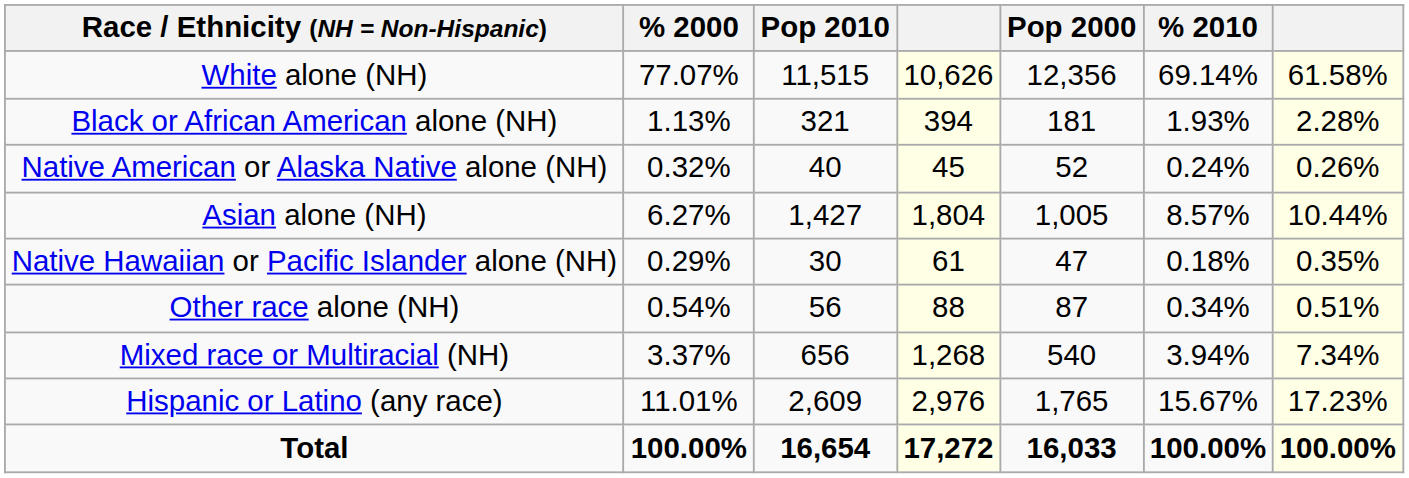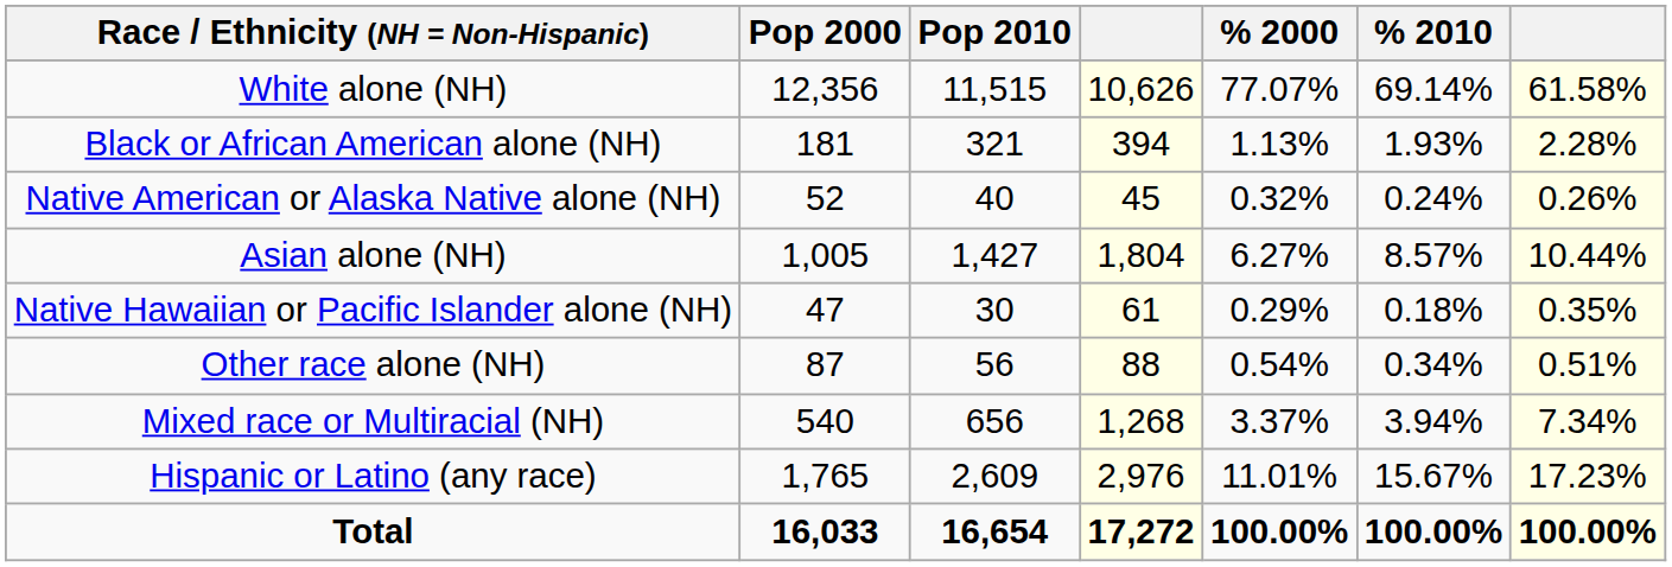 <table class="wikitable" style="text-align:center;">
 <tr>
 <th>Race / Ethnicity <small>(<em>NH = Non-Hispanic</em>)</small></th>
-<th>% 2000</th>
+<th>Pop 2000</th>
 <th>Pop 2010</th>
 <th></th>
-<th>Pop 2000</th>
+<th>% 2000</th>
 <th>% 2010</th>
 <th></th>
 </tr>
 <tr>
 <td><a href='#'>White</a> alone (NH)</td>
-<td>77.07%</td>
+<td>12,356</td>
 <td>11,515</td>
 <td style='background: #ffffe6;'>10,626</td>
-<td>12,356</td>
+<td>77.07%</td>
 <td>69.14%</td>
 <td style='background: #ffffe6;'>61.58%</td>
 </tr>
 <tr>
 <td><a href='#'>Black or African American</a> alone (NH)</td>
-<td>1.13%</td>
+<td>181</td>
 <td>321</td>
 <td style='background: #ffffe6;'>394</td>
-<td>181</td>
+<td>1.13%</td>
 <td>1.93%</td>
 <td style='background: #ffffe6;'>2.28%</td>
 </tr>
 <tr>
 <td><a href='#'>Native American</a> or <a href='#'>Alaska Native</a> alone (NH)</td>
-<td>0.32%</td>
+<td>52</td>
 <td>40</td>
 <td style='background: #ffffe6;'>45</td>
-<td>52</td>
+<td>0.32%</td>
 <td>0.24%</td>
 <td style='background: #ffffe6;'>0.26%</td>
 </tr>
 <tr>
 <td><a href='#'>Asian</a> alone (NH)</td>
-<td>6.27%</td>
+<td>1,005</td>
 <td>1,427</td>
 <td style='background: #ffffe6;'>1,804</td>
-<td>1,005</td>
+<td>6.27%</td>
 <td>8.57%</td>
 <td style='background: #ffffe6;'>10.44%</td>
 </tr>
 <tr>
 <td><a href='#'>Native Hawaiian</a> or <a href='#'>Pacific Islander</a> alone (NH)</td>
-<td>0.29%</td>
+<td>47</td>
 <td>30</td>
 <td style='background: #ffffe6;'>61</td>
-<td>47</td>
+<td>0.29%</td>
 <td>0.18%</td>
 <td style='background: #ffffe6;'>0.35%</td>
 </tr>
 <tr>
 <td><a href='#'>Other race</a> alone (NH)</td>
-<td>0.54%</td>
+<td>87</td>
 <td>56</td>
 <td style='background: #ffffe6;'>88</td>
-<td>87</td>
+<td>0.54%</td>
 <td>0.34%</td>
 <td style='background: #ffffe6;'>0.51%</td>
 </tr>
 <tr>
 <td><a href='#'>Mixed race or Multiracial</a> (NH)</td>
-<td>3.37%</td>
+<td>540</td>
 <td>656</td>
 <td style='background: #ffffe6;'>1,268</td>
-<td>540</td>
+<td>3.37%</td>
 <td>3.94%</td>
 <td style='background: #ffffe6;'>7.34%</td>
 </tr>
 <tr>
 <td><a href='#'>Hispanic or Latino</a> (any race)</td>
-<td>11.01%</td>
+<td>1,765</td>
 <td>2,609</td>
 <td style='background: #ffffe6;'>2,976</td>
-<td>1,765</td>
+<td>11.01%</td>
 <td>15.67%</td>
 <td style='background: #ffffe6;'>17.23%</td>
 </tr>
 <tr>
 <td><strong>Total</strong></td>
-<td><strong>100.00%</strong></td>
+<td><strong>16,033</strong></td>
 <td><strong>16,654</strong></td>
 <td style='background: #ffffe6;'><strong>17,272</strong></td>
-<td><strong>16,033</strong></td>
+<td><strong>100.00%</strong></td>
 <td><strong>100.00%</strong></td>
 <td style='background: #ffffe6;'><strong>100.00%</strong></td>
 </tr>
 </table>
